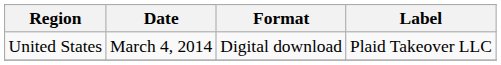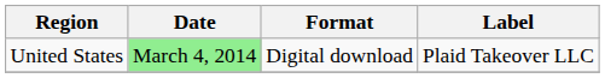 <table class="wikitable">
 <tr>
 <th>Region</th>
 <th>Date</th>
 <th>Format</th>
 <th>Label</th>
 </tr>
 <tr>
 <td>United States</td>
-<td>March 4, 2014</td>
+<td style="background: lightgreen;">March 4, 2014</td>
 <td>Digital download</td>
 <td>Plaid Takeover LLC</td>
 </tr>
 <tr>
 </tr>
 </table>
